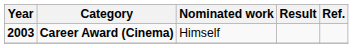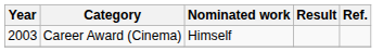 <table class="wikitable sortable">
 <tr>
 <th>Year</th>
 <th>Category</th>
 <th>Nominated work</th>
 <th>Result</th>
 <th>Ref.</th>
 </tr>
 <tr>
-<td><strong>2003</strong></td>
-<td><strong>Career Award (Cinema)</strong></td>
+<td>2003</td>
+<td>Career Award (Cinema)</td>
 <td>Himself</td>
 <td></td>
 <td></td>
 </tr>
 <tr>
 </tr>
 </table>
